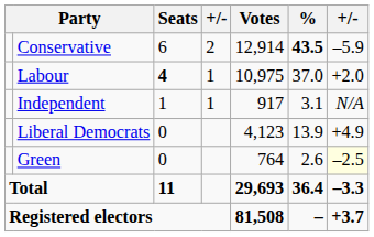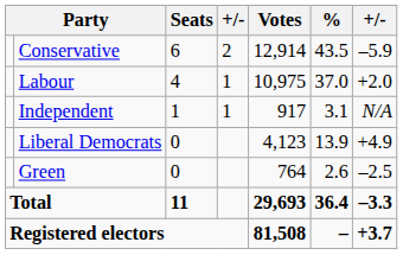 <table class="wikitable sortable">
 <tr>
 <th colspan="2">Party</th>
 <th>Seats</th>
 <th>+/-</th>
 <th>Votes</th>
 <th>%</th>
 <th>+/-</th>
 </tr>
 <tr>
 <td style="background-color: "></td>
 <td><a href='#'>Conservative</a></td>
 <td>6</td>
 <td> 2</td>
 <td style="text-align:right;">12,914</td>
-<td style="text-align:right;"><strong>43.5</strong></td>
+<td style="text-align:right;">43.5</td>
 <td style="text-align:right;">–5.9</td>
 </tr>
 <tr>
 <td style="background-color: "></td>
 <td><a href='#'>Labour</a></td>
-<td><strong>4</strong></td>
+<td>4</td>
 <td> 1</td>
 <td style="text-align:right;">10,975</td>
 <td style="text-align:right;">37.0</td>
 <td style="text-align:right;">+2.0</td>
 </tr>
 <tr>
 <td style="background-color: "></td>
 <td><a href='#'>Independent</a></td>
 <td>1</td>
 <td> 1</td>
 <td style="text-align:right;">917</td>
 <td style="text-align:right;">3.1</td>
 <td style="text-align:right;"><em>N/A</em></td>
 </tr>
 <tr>
 <td style="background-color: "></td>
 <td><a href='#'>Liberal Democrats</a></td>
 <td>0</td>
 <td></td>
 <td style="text-align:right;">4,123</td>
 <td style="text-align:right;">13.9</td>
 <td style="text-align:right;">+4.9</td>
 </tr>
 <tr>
 <td style="background-color: "></td>
 <td><a href='#'>Green</a></td>
 <td>0</td>
 <td></td>
 <td style="text-align:right;">764</td>
 <td style="text-align:right;">2.6</td>
-<td style="background: lightyellow; text-align:right;">–2.5</td>
+<td style="text-align:right;">–2.5</td>
 </tr>
 <tr>
 <td colspan="2"><strong>Total</strong></td>
 <td><strong>11</strong></td>
 <td></td>
 <td style="text-align:right;"><strong>29,693</strong></td>
 <td style="text-align:right;"><strong>36.4</strong></td>
 <td style="text-align:right;"><strong>–3.3</strong></td>
 </tr>
 <tr>
 <td colspan="4"><strong>Registered electors</strong></td>
 <td style="text-align:right;"><strong>81,508</strong></td>
 <td style="text-align:right;"><strong>–</strong></td>
 <td style="text-align:right;"><strong>+3.7</strong></td>
 </tr>
 </table>
